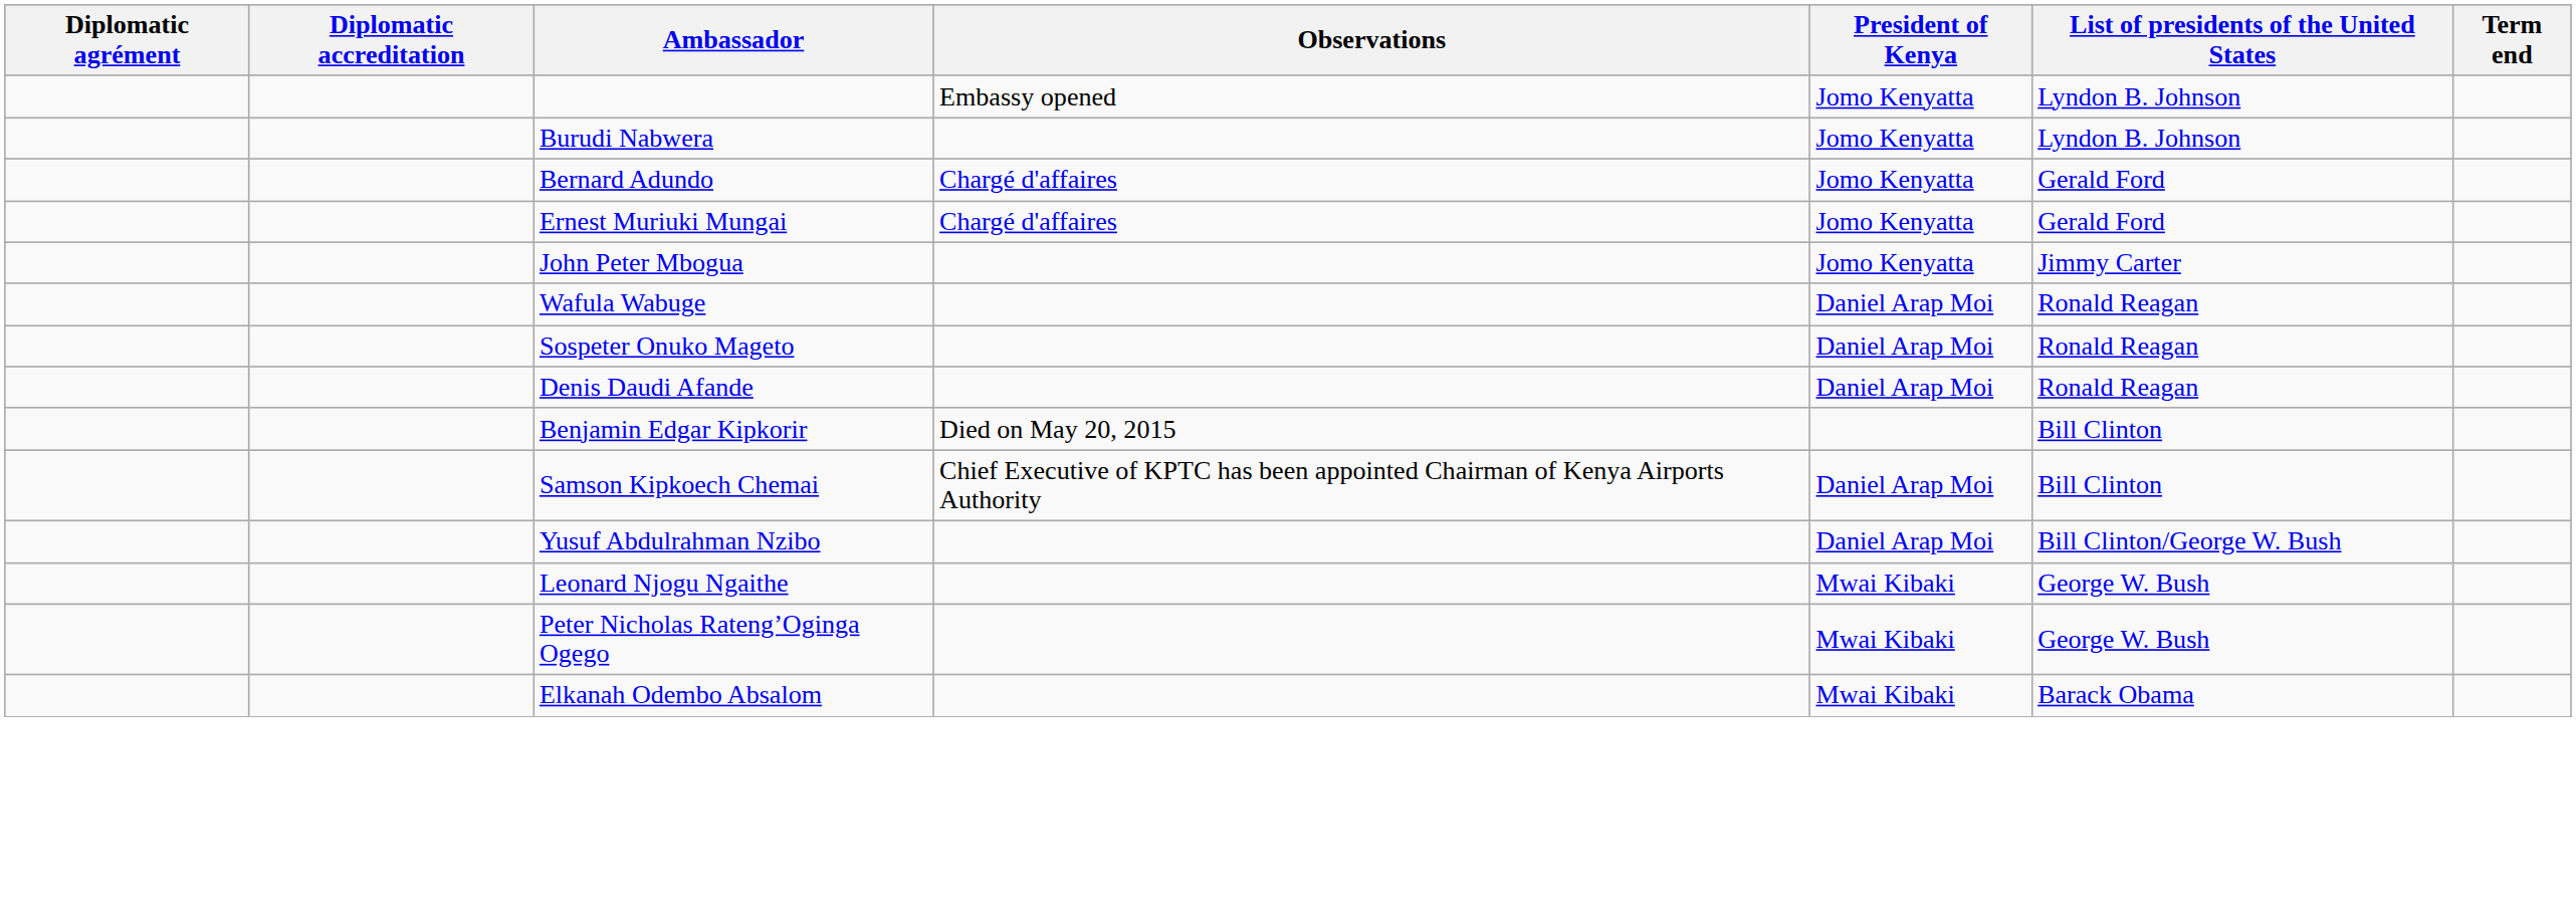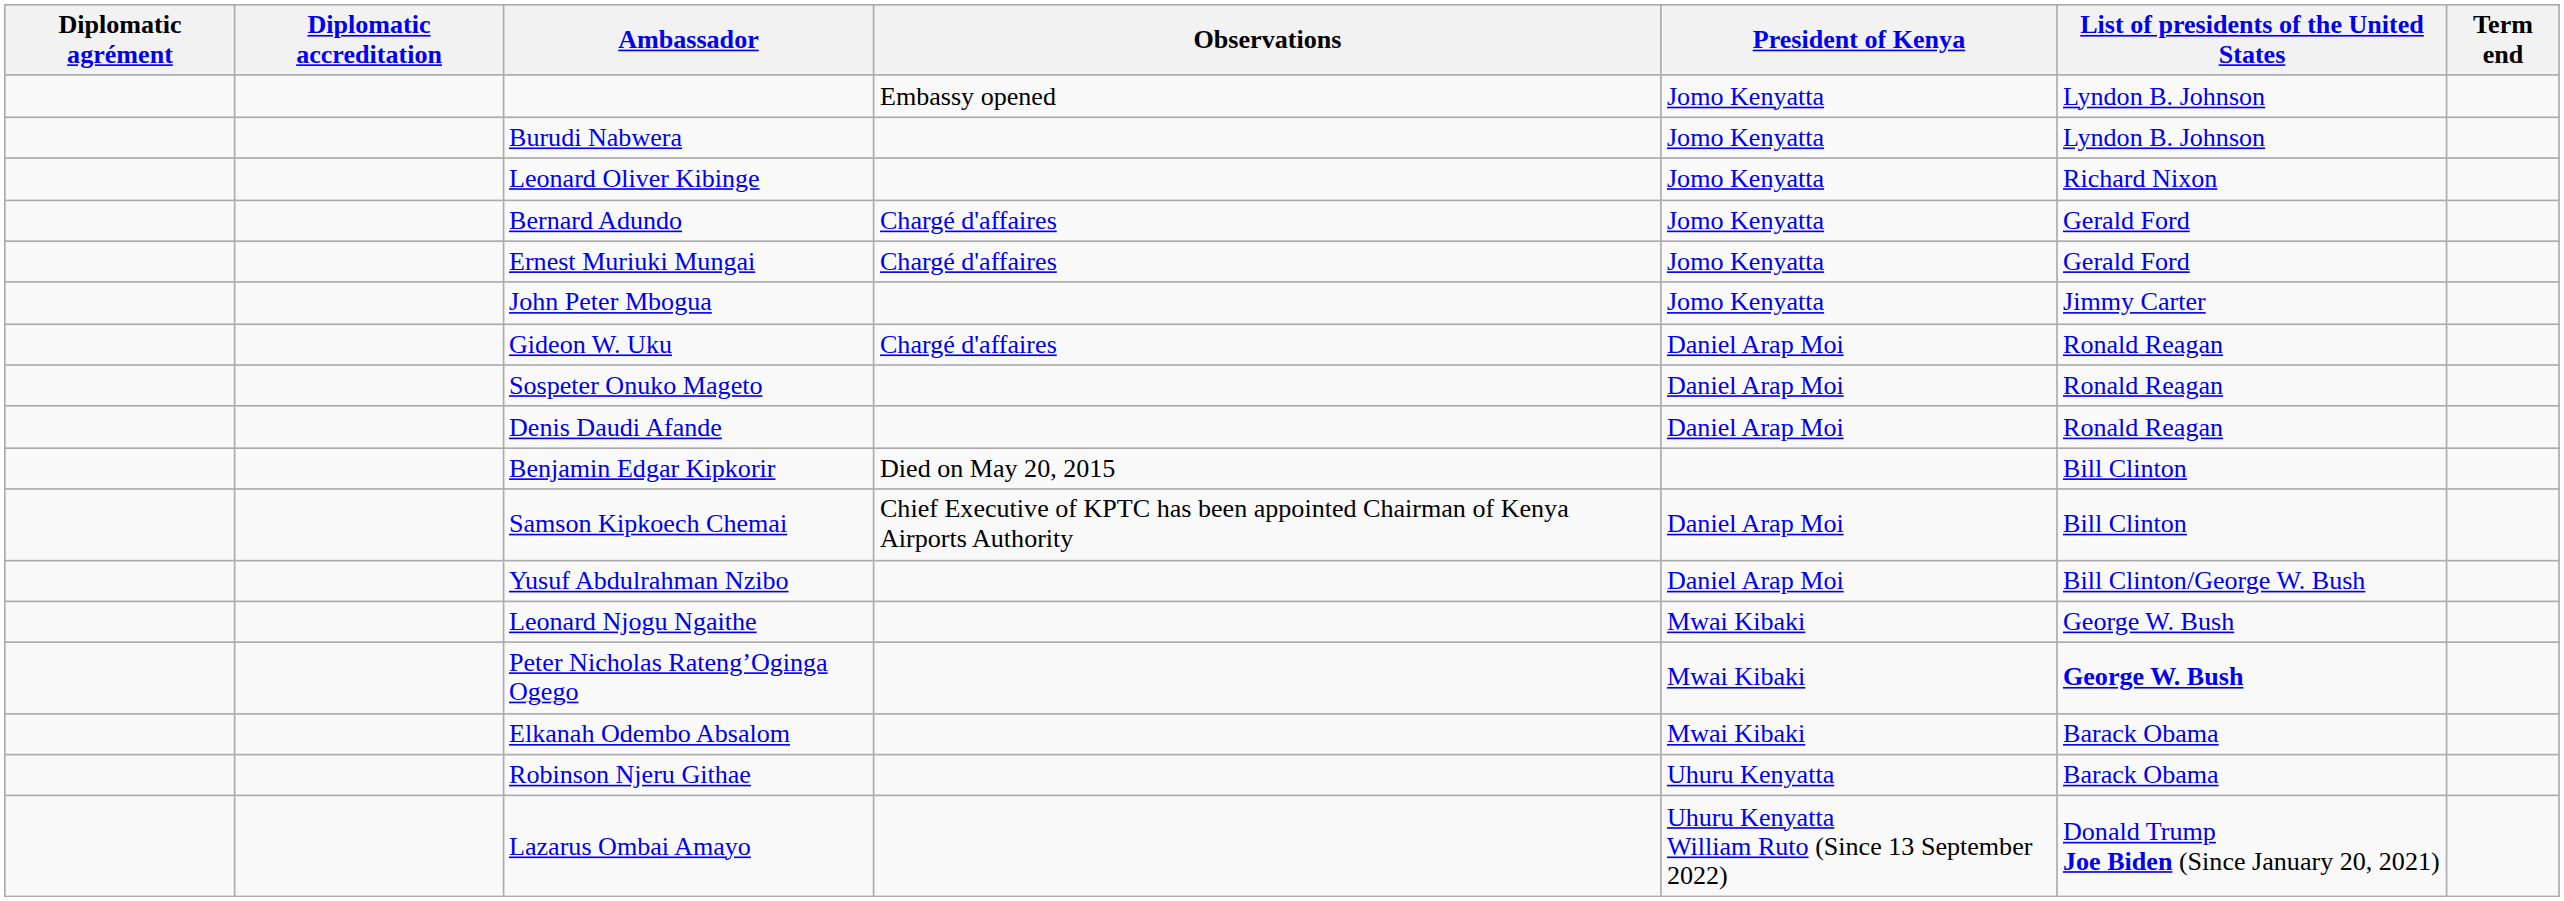 <table class="wikitable sortable">
 <tr>
 <th>Diplomatic <a href='#'>agrément</a></th>
 <th><a href='#'>Diplomatic accreditation</a></th>
 <th><a href='#'>Ambassador</a></th>
 <th>Observations</th>
 <th><a href='#'>President of Kenya</a></th>
 <th><a href='#'>List of presidents of the United States</a></th>
 <th>Term end</th>
 </tr>
 <tr>
 <td></td>
 <td></td>
 <td></td>
 <td>Embassy opened</td>
 <td><a href='#'>Jomo Kenyatta</a></td>
 <td><a href='#'>Lyndon B. Johnson</a></td>
 <td></td>
 </tr>
 <tr>
 <td></td>
 <td></td>
 <td><a href='#'>Burudi Nabwera</a></td>
 <td></td>
 <td><a href='#'>Jomo Kenyatta</a></td>
 <td><a href='#'>Lyndon B. Johnson</a></td>
+<td></td>
+</tr>
+<tr>
+<td></td>
+<td></td>
+<td><a href='#'>Leonard Oliver Kibinge</a></td>
+<td></td>
+<td><a href='#'>Jomo Kenyatta</a></td>
+<td><a href='#'>Richard Nixon</a></td>
 <td></td>
 </tr>
 <tr>
 <td></td>
 <td></td>
 <td><a href='#'>Bernard Adundo</a></td>
 <td><a href='#'>Chargé d'affaires</a></td>
 <td><a href='#'>Jomo Kenyatta</a></td>
 <td><a href='#'>Gerald Ford</a></td>
 <td></td>
 </tr>
 <tr>
 <td></td>
 <td></td>
 <td><a href='#'>Ernest Muriuki Mungai</a></td>
 <td><a href='#'>Chargé d'affaires</a></td>
 <td><a href='#'>Jomo Kenyatta</a></td>
 <td><a href='#'>Gerald Ford</a></td>
 <td></td>
 </tr>
 <tr>
 <td></td>
 <td></td>
 <td><a href='#'>John Peter Mbogua</a></td>
 <td></td>
 <td><a href='#'>Jomo Kenyatta</a></td>
 <td><a href='#'>Jimmy Carter</a></td>
 <td></td>
 </tr>
 <tr>
 <td></td>
 <td></td>
-<td><a href='#'>Wafula Wabuge</a></td>
-<td></td>
+<td><a href='#'>Gideon W. Uku</a></td>
+<td><a href='#'>Chargé d'affaires</a></td>
 <td><a href='#'>Daniel Arap Moi</a></td>
 <td><a href='#'>Ronald Reagan</a></td>
 <td></td>
 </tr>
 <tr>
 <td></td>
 <td></td>
 <td><a href='#'>Sospeter Onuko Mageto</a></td>
 <td></td>
 <td><a href='#'>Daniel Arap Moi</a></td>
 <td><a href='#'>Ronald Reagan</a></td>
 <td></td>
 </tr>
 <tr>
 <td></td>
 <td></td>
 <td><a href='#'>Denis Daudi Afande</a></td>
 <td></td>
 <td><a href='#'>Daniel Arap Moi</a></td>
 <td><a href='#'>Ronald Reagan</a></td>
 <td></td>
 </tr>
 <tr>
 <td></td>
 <td></td>
 <td><a href='#'>Benjamin Edgar Kipkorir</a></td>
 <td>Died on May 20, 2015</td>
 <td></td>
 <td><a href='#'>Bill Clinton</a></td>
 </tr>
 <tr>
 <td></td>
 <td></td>
 <td><a href='#'>Samson Kipkoech Chemai</a></td>
 <td>Chief Executive of KPTC has been appointed Chairman of Kenya Airports Authority</td>
 <td><a href='#'>Daniel Arap Moi</a></td>
 <td><a href='#'>Bill Clinton</a></td>
 <td></td>
 </tr>
 <tr>
 <td></td>
 <td></td>
 <td><a href='#'>Yusuf Abdulrahman Nzibo</a></td>
 <td></td>
 <td><a href='#'>Daniel Arap Moi</a></td>
 <td><a href='#'>Bill Clinton/George W. Bush</a></td>
 </tr>
 <tr>
 <td></td>
 <td></td>
 <td><a href='#'>Leonard Njogu Ngaithe</a></td>
 <td></td>
 <td><a href='#'>Mwai Kibaki</a></td>
 <td><a href='#'>George W. Bush</a></td>
 <td></td>
 </tr>
 <tr>
 <td></td>
 <td></td>
 <td><a href='#'>Peter Nicholas Rateng’Oginga Ogego</a></td>
 <td></td>
 <td><a href='#'>Mwai Kibaki</a></td>
-<td><a href='#'>George W. Bush</a></td>
+<td><strong><a href='#'>George W. Bush</a></strong></td>
 <td></td>
 </tr>
 <tr>
 <td></td>
 <td></td>
 <td><a href='#'>Elkanah Odembo Absalom</a></td>
 <td></td>
 <td><a href='#'>Mwai Kibaki</a></td>
 <td><a href='#'>Barack Obama</a></td>
 <td></td>
 </tr>
+<tr>
+<td></td>
+<td></td>
+<td><a href='#'>Robinson Njeru Githae</a></td>
+<td></td>
+<td><a href='#'>Uhuru Kenyatta</a></td>
+<td><a href='#'>Barack Obama</a></td>
+<td></td>
+</tr>
+<tr>
+<td></td>
+<td></td>
+<td><a href='#'>Lazarus Ombai Amayo</a></td>
+<td></td>
+<td><a href='#'>Uhuru Kenyatta</a><br><a href='#'>William Ruto</a> (Since 13 September 2022)</td>
+<td><a href='#'>Donald Trump</a><br><strong><a href='#'>Joe Biden</a></strong> (Since January 20, 2021)</td>
+<td></td>
+</tr>
 </table>
